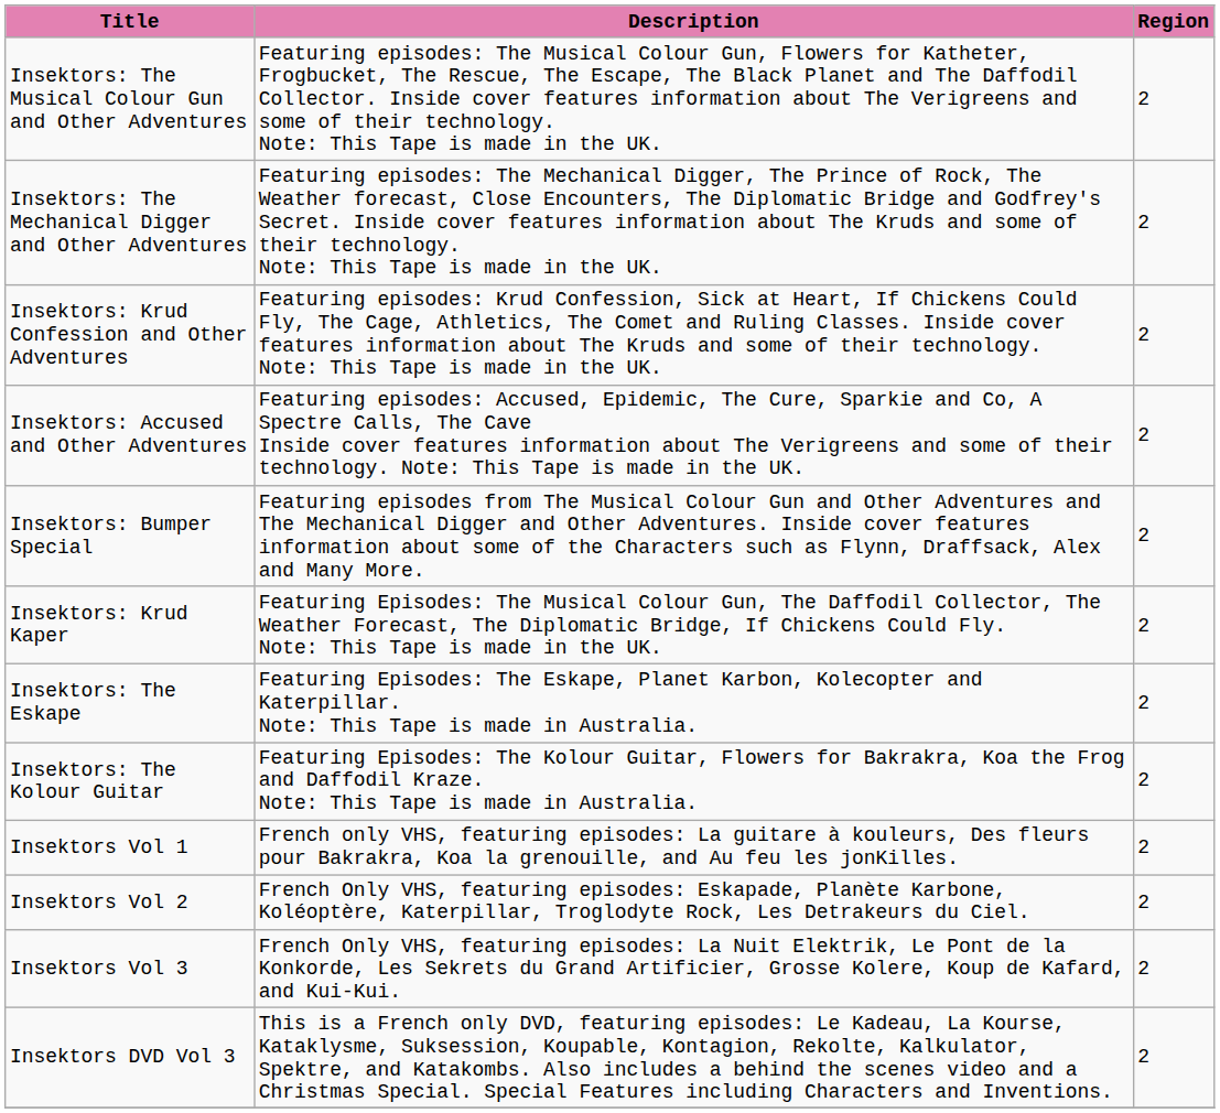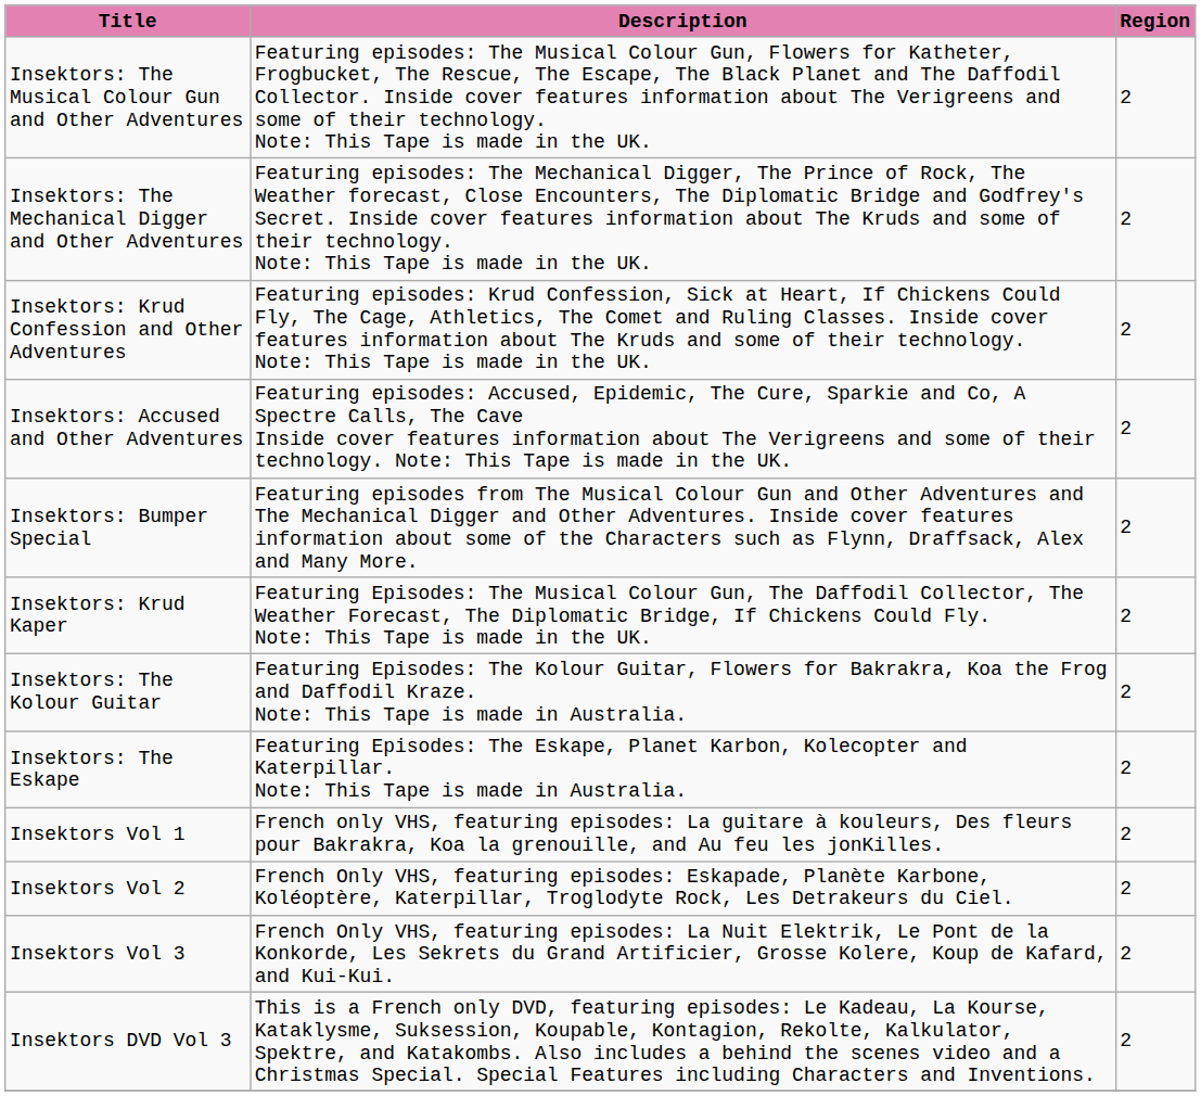 <table class="wikitable" width="90%">
 <tr>
 <th style="background-color: #e381b2; color:#000; text-align: center;">Title</th>
 <th style="background-color: #e381b2; color:#000; text-align: center;">Description</th>
 <th style="background-color: #e381b2; color:#000; text-align: center;">Region</th>
 </tr>
 <tr>
 <td>Insektors: The Musical Colour Gun and Other Adventures</td>
 <td>Featuring episodes: The Musical Colour Gun, Flowers for Katheter, Frogbucket, The Rescue, The Escape, The Black Planet and The Daffodil Collector. Inside cover features information about The Verigreens and some of their technology.<br>Note: This Tape is made in the UK.</td>
 <td>2</td>
 </tr>
 <tr>
 <td>Insektors: The Mechanical Digger and Other Adventures</td>
 <td>Featuring episodes: The Mechanical Digger, The Prince of Rock, The Weather forecast, Close Encounters, The Diplomatic Bridge and Godfrey's Secret. Inside cover features information about The Kruds and some of their technology.<br>Note: This Tape is made in the UK.</td>
 <td>2</td>
 </tr>
 <tr>
 <td>Insektors: Krud Confession and Other Adventures</td>
 <td>Featuring episodes: Krud Confession, Sick at Heart, If Chickens Could Fly, The Cage, Athletics, The Comet and Ruling Classes. Inside cover features information about The Kruds and some of their technology.<br>Note: This Tape is made in the UK.</td>
 <td>2</td>
 </tr>
 <tr>
 <td>Insektors: Accused and Other Adventures</td>
 <td>Featuring episodes: Accused, Epidemic, The Cure, Sparkie and Co, A Spectre Calls, The Cave<br>Inside cover features information about The Verigreens and some of their technology. Note: This Tape is made in the UK.</td>
 <td>2</td>
 </tr>
 <tr>
 <td>Insektors: Bumper Special</td>
 <td>Featuring episodes from The Musical Colour Gun and Other Adventures and The Mechanical Digger and Other Adventures. Inside cover features information about some of the Characters such as Flynn, Draffsack, Alex and Many More.</td>
 <td>2</td>
 </tr>
 <tr>
 <td>Insektors: Krud Kaper</td>
 <td>Featuring Episodes: The Musical Colour Gun, The Daffodil Collector, The Weather Forecast, The Diplomatic Bridge, If Chickens Could Fly.<br>Note: This Tape is made in the UK.</td>
 <td>2</td>
 </tr>
 <tr>
-<td>Insektors: The Eskape</td>
-<td>Featuring Episodes: The Eskape, Planet Karbon, Kolecopter and Katerpillar.<br>Note: This Tape is made in Australia.</td>
+<td>Insektors: The Kolour Guitar</td>
+<td>Featuring Episodes: The Kolour Guitar, Flowers for Bakrakra, Koa the Frog and Daffodil Kraze.<br>Note: This Tape is made in Australia.</td>
 <td>2</td>
 </tr>
 <tr>
-<td>Insektors: The Kolour Guitar</td>
-<td>Featuring Episodes: The Kolour Guitar, Flowers for Bakrakra, Koa the Frog and Daffodil Kraze.<br>Note: This Tape is made in Australia.</td>
+<td>Insektors: The Eskape</td>
+<td>Featuring Episodes: The Eskape, Planet Karbon, Kolecopter and Katerpillar.<br>Note: This Tape is made in Australia.</td>
 <td>2</td>
 </tr>
 <tr>
 <td>Insektors Vol 1</td>
 <td>French only VHS, featuring episodes: La guitare à kouleurs, Des fleurs pour Bakrakra, Koa la grenouille, and Au feu les jonKilles.</td>
 <td>2</td>
 </tr>
 <tr>
 <td>Insektors Vol 2</td>
 <td>French Only VHS, featuring episodes: Eskapade, Planète Karbone, Koléoptère, Katerpillar, Troglodyte Rock, Les Detrakeurs du Ciel.</td>
 <td>2</td>
 </tr>
 <tr>
 <td>Insektors Vol 3</td>
 <td>French Only VHS, featuring episodes: La Nuit Elektrik, Le Pont de la Konkorde, Les Sekrets du Grand Artificier, Grosse Kolere, Koup de Kafard, and Kui-Kui.</td>
 <td>2</td>
 </tr>
 <tr>
 <td>Insektors DVD Vol 3</td>
 <td>This is a French only DVD, featuring episodes: Le Kadeau, La Kourse, Kataklysme, Suksession, Koupable, Kontagion, Rekolte, Kalkulator, Spektre, and Katakombs. Also includes a behind the scenes video and a Christmas Special. Special Features including Characters and Inventions.</td>
 <td>2</td>
 </tr>
 <tr>
 </tr>
 </table>
